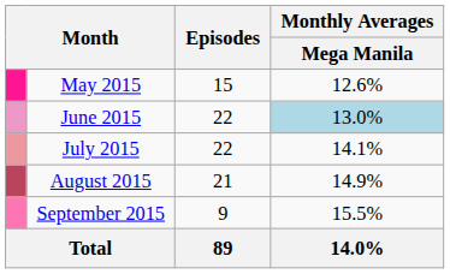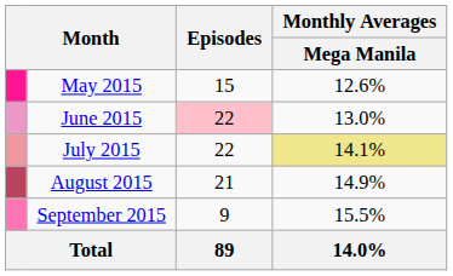 <table class="wikitable plainrowheaders" style="text-align: center; line-height:25px;">
 <tr class="wikitable" style="text-align: center;">
 <th colspan="2" rowspan="2" style="padding: 0 8px;">Month</th>
 <th rowspan="2" style="padding: 0 8px;">Episodes</th>
 <th colspan="2" style="padding: 0 8px;">Monthly Averages</th>
 </tr>
 <tr>
 <th style="padding: 0 8px;">Mega Manila</th>
 </tr>
 <tr>
 <td style="padding: 0 8px; background:#FF1493;"></td>
 <td style="padding: 0 8px;" '><a href='#'>May 2015</a></td>
 <td style="padding: 0 8px;">15</td>
 <td style="padding: 0 8px;">12.6%</td>
 </tr>
 <tr>
 <td style="padding: 0 8px; background:#ED98C6;"></td>
 <td style="padding: 0 8px;" '><a href='#'>June 2015</a></td>
-<td style="padding: 0 8px;">22</td>
-<td style="background: lightblue; padding: 0 8px;">13.0%</td>
+<td style="background: pink; padding: 0 8px;">22</td>
+<td style="padding: 0 8px;">13.0%</td>
 </tr>
 <tr>
 <td style="padding: 0 8px; background:#ED989E;"></td>
 <td style="padding: 0 8px;" '><a href='#'>July 2015</a></td>
 <td style="padding: 0 8px;">22</td>
-<td style="padding: 0 8px;">14.1%</td>
+<td style="background: khaki; padding: 0 8px;">14.1%</td>
 </tr>
 <tr>
 <td style="padding: 0 8px; background:#BA445E;"></td>
 <td style="padding: 0 8px;" '><a href='#'>August 2015</a></td>
 <td style="padding: 0 8px;">21</td>
 <td style="padding: 0 8px;">14.9%</td>
 </tr>
 <tr>
 <td style="padding: 0 8px; background:#FF75B3;"></td>
 <td style="padding: 0 8px;" '><a href='#'>September 2015</a></td>
 <td style="padding: 0 8px;">9</td>
 <td style="padding: 0 8px;">15.5%</td>
 </tr>
 <tr>
 <th colspan="2">Total</th>
 <th colspan="1">89</th>
 <th colspan="2">14.0%</th>
 </tr>
 </table>
